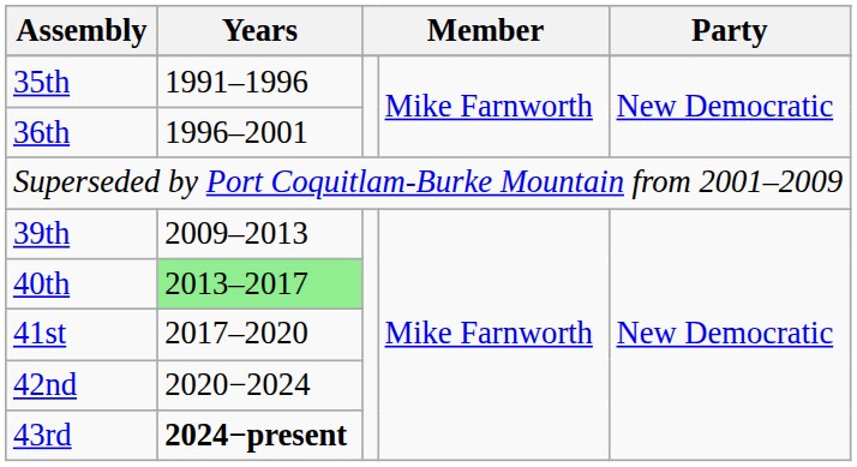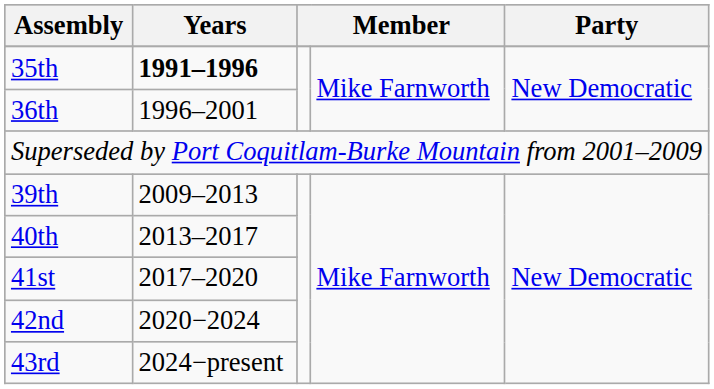 <table class="wikitable">
 <tr>
 <th>Assembly</th>
 <th>Years</th>
 <th colspan="2">Member</th>
 <th>Party</th>
 </tr>
 <tr>
 </tr>
 <tr>
 <td><a href='#'>35th</a></td>
-<td>1991–1996</td>
+<td><strong>1991–1996</strong></td>
 <td rowspan="2" ></td>
 <td rowspan="2"><a href='#'>Mike Farnworth</a></td>
 <td rowspan="2"><a href='#'>New Democratic</a></td>
 </tr>
 <tr>
 <td><a href='#'>36th</a></td>
 <td>1996–2001</td>
 </tr>
 <tr>
 <td style="text-align: center;" colspan="5"><em>Superseded by <a href='#'>Port Coquitlam-Burke Mountain</a> from 2001–2009</em></td>
 </tr>
 <tr>
 <td><a href='#'>39th</a></td>
 <td>2009–2013</td>
 <td rowspan="5" ></td>
 <td rowspan="5"><a href='#'>Mike Farnworth</a></td>
 <td rowspan="5"><a href='#'>New Democratic</a></td>
 </tr>
 <tr>
 <td><a href='#'>40th</a></td>
-<td style="background: lightgreen;">2013–2017</td>
+<td>2013–2017</td>
 </tr>
 <tr>
 <td><a href='#'>41st</a></td>
 <td>2017–2020</td>
 </tr>
 <tr>
 <td><a href='#'>42nd</a></td>
 <td>2020−2024</td>
 </tr>
 <tr>
 <td><a href='#'>43rd</a></td>
-<td><strong>2024−present</strong></td>
+<td>2024−present</td>
 </tr>
 </table>
